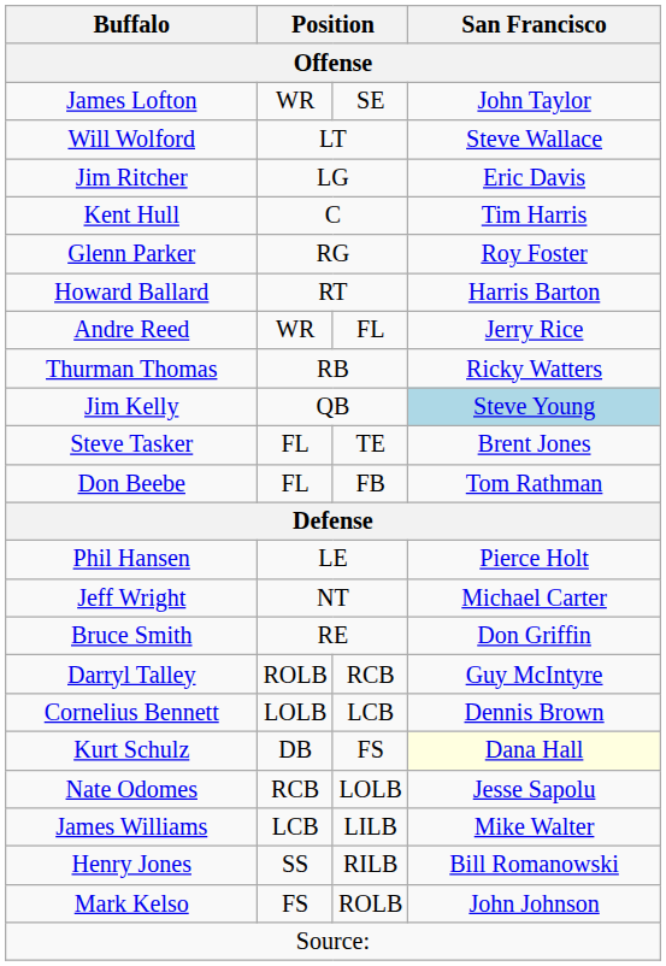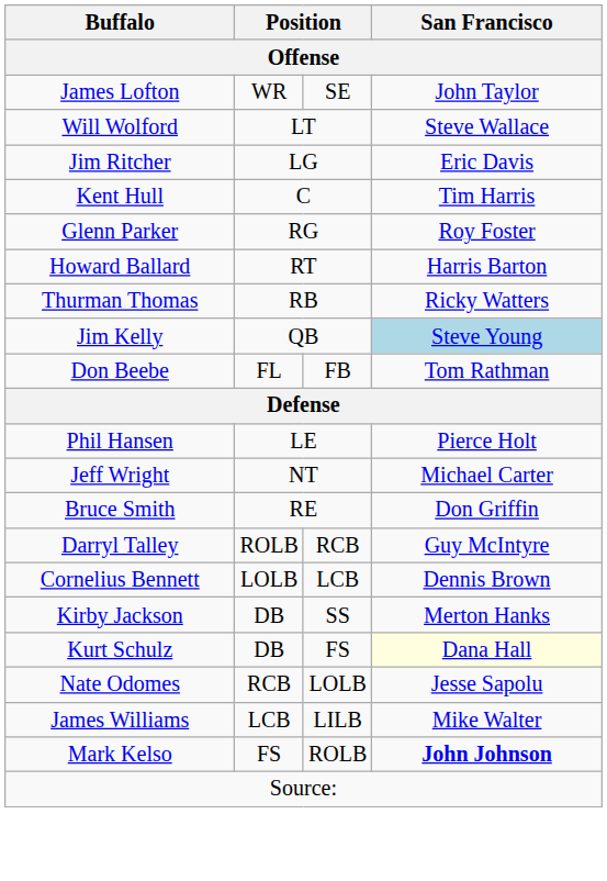 <table class="wikitable" style="text-align:center">
 <tr>
 <th style="width:160px">Buffalo</th>
 <th colspan="2">Position</th>
 <th style="width:160px">San Francisco</th>
 </tr>
 <tr>
 <th colspan="4" style="text-align:center">Offense</th>
 </tr>
 <tr>
 <td><a href='#'>James Lofton</a></td>
 <td style="text-align:center">WR</td>
 <td style="text-align:center">SE</td>
 <td><a href='#'>John Taylor</a></td>
 </tr>
 <tr>
 <td><a href='#'>Will Wolford</a></td>
 <td colspan="2" style="text-align:center">LT</td>
 <td><a href='#'>Steve Wallace</a></td>
 </tr>
 <tr>
 <td><a href='#'>Jim Ritcher</a></td>
 <td colspan="2" style="text-align:center">LG</td>
 <td><a href='#'>Eric Davis</a></td>
 </tr>
 <tr>
 <td><a href='#'>Kent Hull</a></td>
 <td colspan="2" style="text-align:center">C</td>
 <td><a href='#'>Tim Harris</a></td>
 </tr>
 <tr>
 <td><a href='#'>Glenn Parker</a></td>
 <td colspan="2" style="text-align:center">RG</td>
 <td><a href='#'>Roy Foster</a></td>
 </tr>
 <tr>
 <td><a href='#'>Howard Ballard</a></td>
 <td colspan="2" style="text-align:center">RT</td>
 <td><a href='#'>Harris Barton</a></td>
 </tr>
 <tr>
-<td><a href='#'>Andre Reed</a></td>
-<td style="text-align:center">WR</td>
-<td style="text-align:center">FL</td>
-<td><a href='#'>Jerry Rice</a></td>
-</tr>
-<tr>
 <td><a href='#'>Thurman Thomas</a></td>
 <td colspan="2" style="text-align:center">RB</td>
 <td><a href='#'>Ricky Watters</a></td>
 </tr>
 <tr>
 <td><a href='#'>Jim Kelly</a></td>
 <td colspan="2" style="text-align:center">QB</td>
 <td style="background: lightblue;"><a href='#'>Steve Young</a></td>
-</tr>
-<tr>
-<td><a href='#'>Steve Tasker</a></td>
-<td style="text-align:center">FL</td>
-<td style="text-align:center">TE</td>
-<td><a href='#'>Brent Jones</a></td>
 </tr>
 <tr>
 <td><a href='#'>Don Beebe</a></td>
 <td style="text-align:center">FL</td>
 <td style="text-align:center">FB</td>
 <td><a href='#'>Tom Rathman</a></td>
 </tr>
 <tr>
 <th colspan="4" style="text-align:center">Defense</th>
 </tr>
 <tr>
 <td><a href='#'>Phil Hansen</a></td>
 <td colspan="2" style="text-align:center">LE</td>
 <td><a href='#'>Pierce Holt</a></td>
 </tr>
 <tr>
 <td><a href='#'>Jeff Wright</a></td>
 <td colspan="2" style="text-align:center">NT</td>
 <td><a href='#'>Michael Carter</a></td>
 </tr>
 <tr>
 <td><a href='#'>Bruce Smith</a></td>
 <td colspan="2" style="text-align:center">RE</td>
 <td><a href='#'>Don Griffin</a></td>
 </tr>
 <tr>
 <td><a href='#'>Darryl Talley</a></td>
 <td style="text-align:center">ROLB</td>
 <td style="text-align:center">RCB</td>
 <td><a href='#'>Guy McIntyre</a></td>
 </tr>
 <tr>
 <td><a href='#'>Cornelius Bennett</a></td>
 <td style="text-align:center">LOLB</td>
 <td style="text-align:center">LCB</td>
 <td><a href='#'>Dennis Brown</a></td>
 </tr>
 <tr>
+<td><a href='#'>Kirby Jackson</a></td>
+<td style="text-align:center">DB</td>
+<td style="text-align:center">SS</td>
+<td><a href='#'>Merton Hanks</a></td>
+</tr>
+<tr>
 <td><a href='#'>Kurt Schulz</a></td>
 <td style="text-align:center">DB</td>
 <td style="text-align:center">FS</td>
 <td style="background: lightyellow;"><a href='#'>Dana Hall</a></td>
 </tr>
 <tr>
 <td><a href='#'>Nate Odomes</a></td>
 <td style="text-align:center">RCB</td>
 <td style="text-align:center">LOLB</td>
 <td><a href='#'>Jesse Sapolu</a></td>
 </tr>
 <tr>
 <td><a href='#'>James Williams</a></td>
 <td style="text-align:center">LCB</td>
 <td style="text-align:center">LILB</td>
 <td><a href='#'>Mike Walter</a></td>
 </tr>
 <tr>
-<td><a href='#'>Henry Jones</a></td>
-<td style="text-align:center">SS</td>
-<td style="text-align:center">RILB</td>
-<td><a href='#'>Bill Romanowski</a></td>
-</tr>
-<tr>
 <td><a href='#'>Mark Kelso</a></td>
 <td style="text-align:center">FS</td>
 <td style="text-align:center">ROLB</td>
-<td><a href='#'>John Johnson</a></td>
+<td><strong><a href='#'>John Johnson</a></strong></td>
 </tr>
 <tr>
 <td colspan="4">Source:</td>
 </tr>
 </table>
